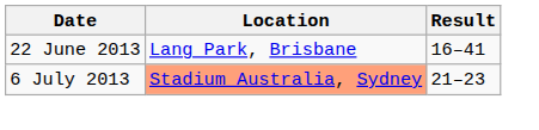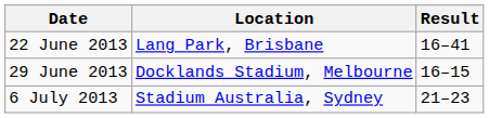 <table class="wikitable" style="align:center;">
 <tr>
 <th>Date</th>
 <th>Location</th>
 <th>Result</th>
 </tr>
 <tr>
 <td>22 June 2013</td>
 <td><a href='#'>Lang Park</a>, <a href='#'>Brisbane</a></td>
 <td> 16–41 </td>
 </tr>
 <tr>
+<td>29 June 2013</td>
+<td><a href='#'>Docklands Stadium</a>, <a href='#'>Melbourne</a></td>
+<td> 16–15 </td>
+</tr>
+<tr>
 <td>6 July 2013</td>
-<td style="background: lightsalmon;"><a href='#'>Stadium Australia</a>, <a href='#'>Sydney</a></td>
+<td><a href='#'>Stadium Australia</a>, <a href='#'>Sydney</a></td>
 <td> 21–23 </td>
 </tr>
 </table>
